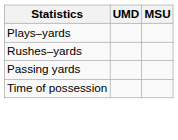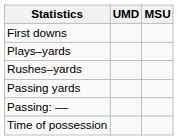 <table class="wikitable" style="float:left">
 <tr>
 <th>Statistics</th>
 <th>UMD</th>
 <th>MSU</th>
+</tr>
+<tr>
+<td>First downs</td>
+<td></td>
+<td></td>
 </tr>
 <tr>
 <td>Plays–yards</td>
 <td></td>
 <td></td>
 </tr>
 <tr>
 <td>Rushes–yards</td>
 <td></td>
 <td></td>
 </tr>
 <tr>
 <td>Passing yards</td>
 <td></td>
 <td></td>
 </tr>
 <tr>
+<td>Passing: ––</td>
+<td></td>
+<td></td>
+</tr>
+<tr>
 <td>Time of possession</td>
 <td></td>
 <td></td>
 </tr>
 </table>
